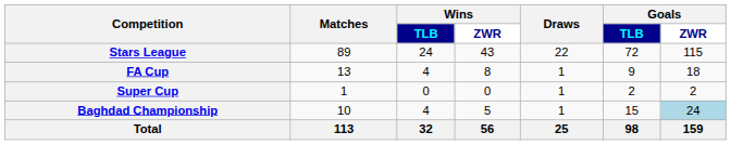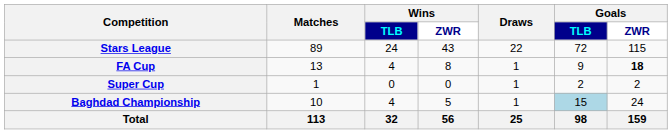 <table class="wikitable" style="font-size:100%; width: 75%; text-align: center;">
 <tr>
 <th rowspan="2">Competition</th>
 <th rowspan="2">Matches</th>
 <th colspan="2">Wins</th>
 <th rowspan="2">Draws</th>
 <th colspan="2">Goals</th>
 </tr>
 <tr>
 <th style="color:#00FFFF; background:#00008B;">TLB</th>
 <th style="color:#00008B; background:#fff;">ZWR</th>
 <th style="color:#00FFFF; background:#00008B;">TLB</th>
 <th style="color:#00008B; background:#fff;">ZWR</th>
 </tr>
 <tr>
 <th scope="row"><a href='#'>Stars League</a></th>
 <td>89</td>
 <td>24</td>
 <td>43</td>
 <td>22</td>
 <td>72</td>
 <td>115</td>
 </tr>
 <tr>
 <th scope="row"><a href='#'>FA Cup</a></th>
 <td>13</td>
 <td>4</td>
 <td>8</td>
 <td>1</td>
 <td>9</td>
-<td>18</td>
+<td><strong>18</strong></td>
 </tr>
 <tr>
 <th scope="row"><a href='#'>Super Cup</a></th>
 <td>1</td>
 <td>0</td>
 <td>0</td>
 <td>1</td>
 <td>2</td>
 <td>2</td>
 </tr>
 <tr>
 <th scope="row"><a href='#'>Baghdad Championship</a></th>
 <td>10</td>
 <td>4</td>
 <td>5</td>
 <td>1</td>
-<td>15</td>
-<td style="background: lightblue;">24</td>
+<td style="background: lightblue;">15</td>
+<td>24</td>
 </tr>
 <tr>
 <th scope="row">Total</th>
 <th>113</th>
 <th>32</th>
 <th>56</th>
 <th>25</th>
 <th>98</th>
 <th>159</th>
 </tr>
 </table>
